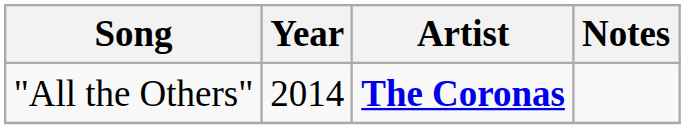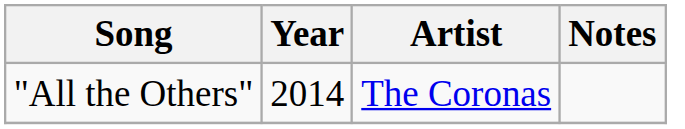 <table class="wikitable sortable">
 <tr>
 <th>Song</th>
 <th>Year</th>
 <th>Artist</th>
 <th class="unsortable">Notes</th>
 </tr>
 <tr>
 <td>"All the Others"</td>
 <td>2014</td>
-<td><strong><a href='#'>The Coronas</a></strong></td>
+<td><a href='#'>The Coronas</a></td>
 <td></td>
 </tr>
 <tr>
 </tr>
 </table>
